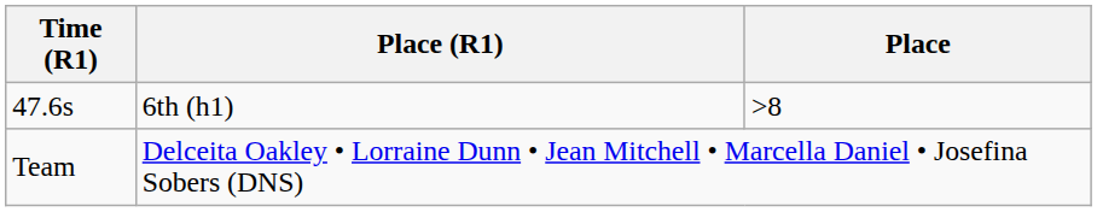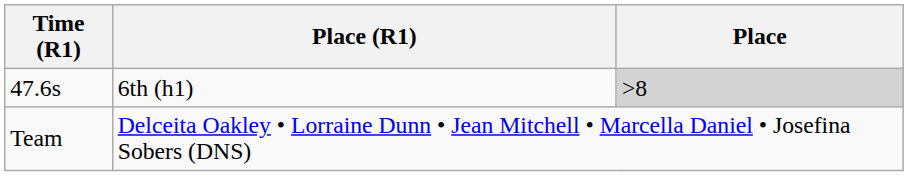 <table class="wikitable">
 <tr>
 <th>Time (R1)</th>
 <th>Place (R1)</th>
 <th>Place</th>
 </tr>
 <tr>
 <td>47.6s</td>
 <td>6th (h1)</td>
-<td>>8</td>
+<td style="background: lightgrey;">>8</td>
 </tr>
 <tr>
 <td>Team</td>
 <td colspan="2"><a href='#'>Delceita Oakley</a> • <a href='#'>Lorraine Dunn</a> • <a href='#'>Jean Mitchell</a> • <a href='#'>Marcella Daniel</a> • Josefina Sobers (DNS)</td>
 </tr>
 </table>
